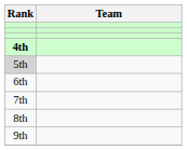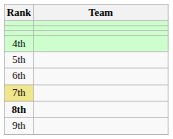 <table class=wikitable style="text-align:center;">
 <tr>
 <th>Rank</th>
 <th width=200>Team</th>
 </tr>
 <tr bgcolor="#ccffcc">
 <td></td>
 <td align=left></td>
 </tr>
 <tr bgcolor="#ccffcc">
 <td></td>
 <td align=left></td>
 </tr>
 <tr bgcolor="#ccffcc">
 <td></td>
 <td align=left></td>
 </tr>
 <tr bgcolor="#ccffcc">
-<td><strong>4th</strong></td>
+<td>4th</td>
 <td align=left></td>
 </tr>
 <tr>
-<td style="background: lightgrey;">5th</td>
+<td>5th</td>
 <td align=left></td>
 </tr>
 <tr>
 <td>6th</td>
 <td align=left></td>
 </tr>
 <tr>
-<td>7th</td>
+<td style="background: khaki;">7th</td>
 <td align=left></td>
 </tr>
 <tr>
-<td>8th</td>
+<td><strong>8th</strong></td>
 <td align=left></td>
 </tr>
 <tr>
 <td>9th</td>
 <td align=left></td>
 </tr>
 <tr>
 </tr>
 </table>
